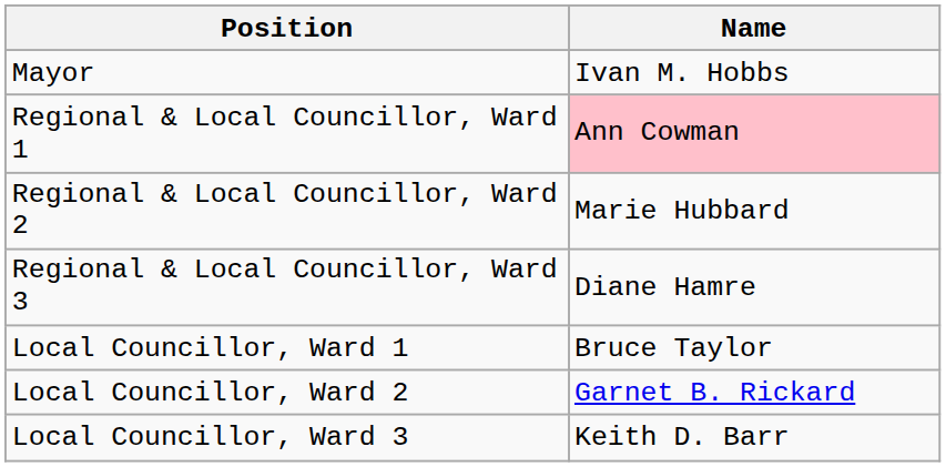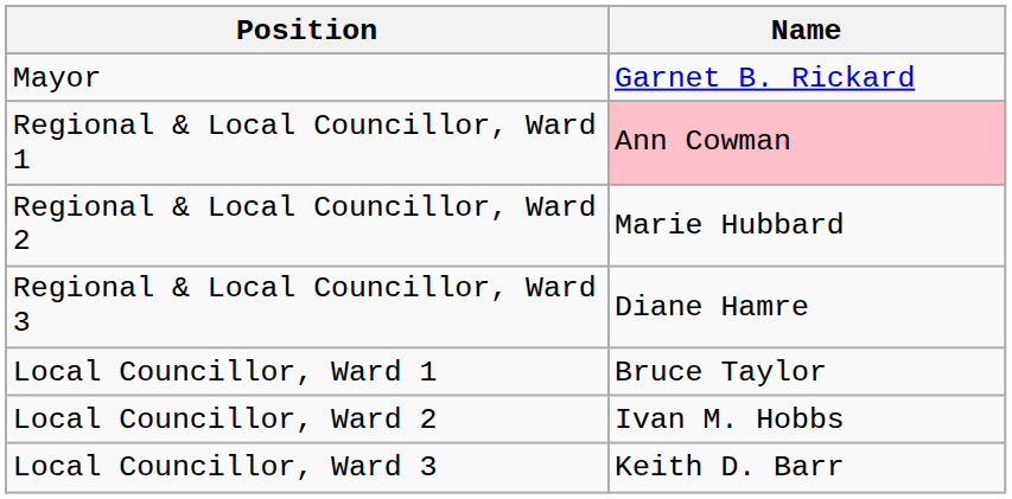 <table class="wikitable" style="width:50%;">
 <tr>
 <th bgcolor="#DDDDFF" width="50px">Position</th>
 <th bgcolor="#DDDDFF" width="50px">Name</th>
 </tr>
 <tr>
 <td>Mayor</td>
-<td>Ivan M. Hobbs</td>
+<td><a href='#'>Garnet B. Rickard</a></td>
 </tr>
 <tr>
 <td>Regional & Local Councillor, Ward 1</td>
 <td style="background: pink;">Ann Cowman</td>
 </tr>
 <tr>
 <td>Regional & Local Councillor, Ward 2</td>
 <td>Marie Hubbard</td>
 </tr>
 <tr>
 <td>Regional & Local Councillor, Ward 3</td>
 <td>Diane Hamre</td>
 </tr>
 <tr>
 <td>Local Councillor, Ward 1</td>
 <td>Bruce Taylor</td>
 </tr>
 <tr>
 <td>Local Councillor, Ward 2</td>
-<td><a href='#'>Garnet B. Rickard</a></td>
+<td>Ivan M. Hobbs</td>
 </tr>
 <tr>
 <td>Local Councillor, Ward 3</td>
 <td>Keith D. Barr</td>
 </tr>
 </table>
